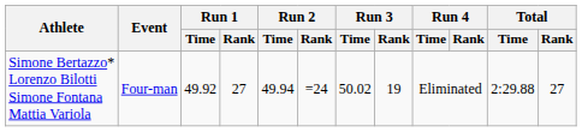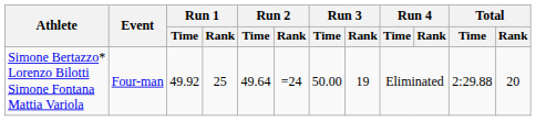 <table class="wikitable" style="font-size:90%">
 <tr>
 <th rowspan="2">Athlete</th>
 <th rowspan="2">Event</th>
 <th colspan="2">Run 1</th>
 <th colspan="2">Run 2</th>
 <th colspan="2">Run 3</th>
 <th colspan="2">Run 4</th>
 <th colspan="2">Total</th>
 </tr>
 <tr style="font-size:95%">
 <th>Time</th>
 <th>Rank</th>
 <th>Time</th>
 <th>Rank</th>
 <th>Time</th>
 <th>Rank</th>
 <th>Time</th>
 <th>Rank</th>
 <th>Time</th>
 <th>Rank</th>
 </tr>
 <tr align=center>
 <td align=left><a href='#'>Simone Bertazzo</a>*<br><a href='#'>Lorenzo Bilotti</a><br><a href='#'>Simone Fontana</a><br><a href='#'>Mattia Variola</a></td>
 <td align=left><a href='#'>Four-man</a></td>
 <td>49.92</td>
-<td>27</td>
-<td>49.94</td>
+<td>25</td>
+<td>49.64</td>
 <td>=24</td>
-<td>50.02</td>
+<td>50.00</td>
 <td>19</td>
 <td colspan=2>Eliminated</td>
 <td>2:29.88</td>
-<td>27</td>
+<td>20</td>
 </tr>
 </table>
